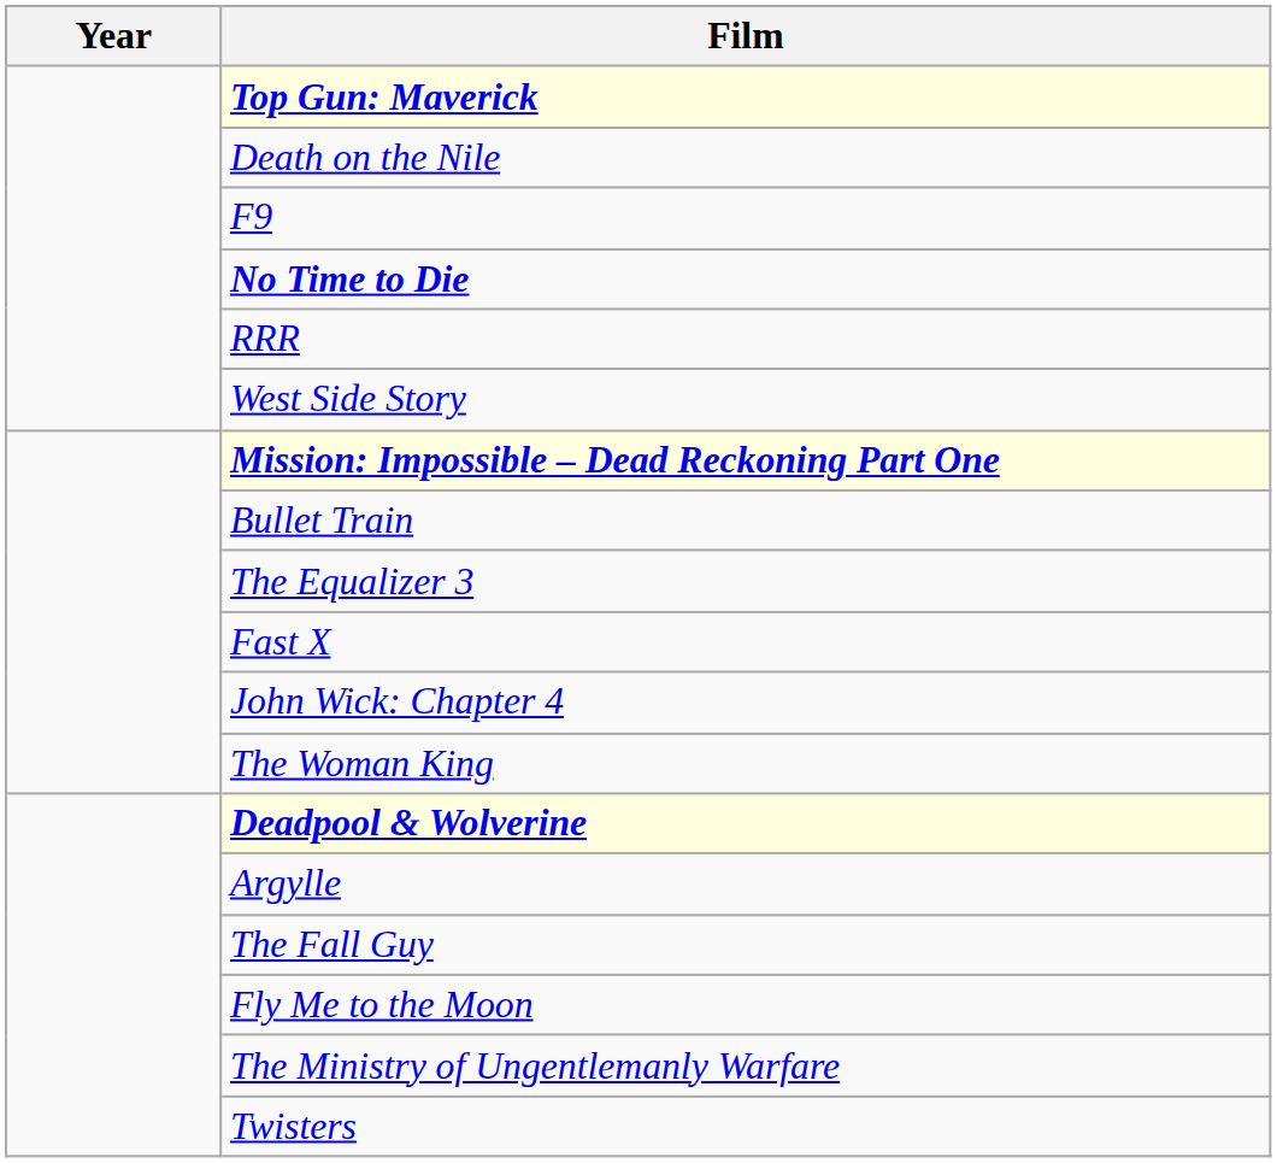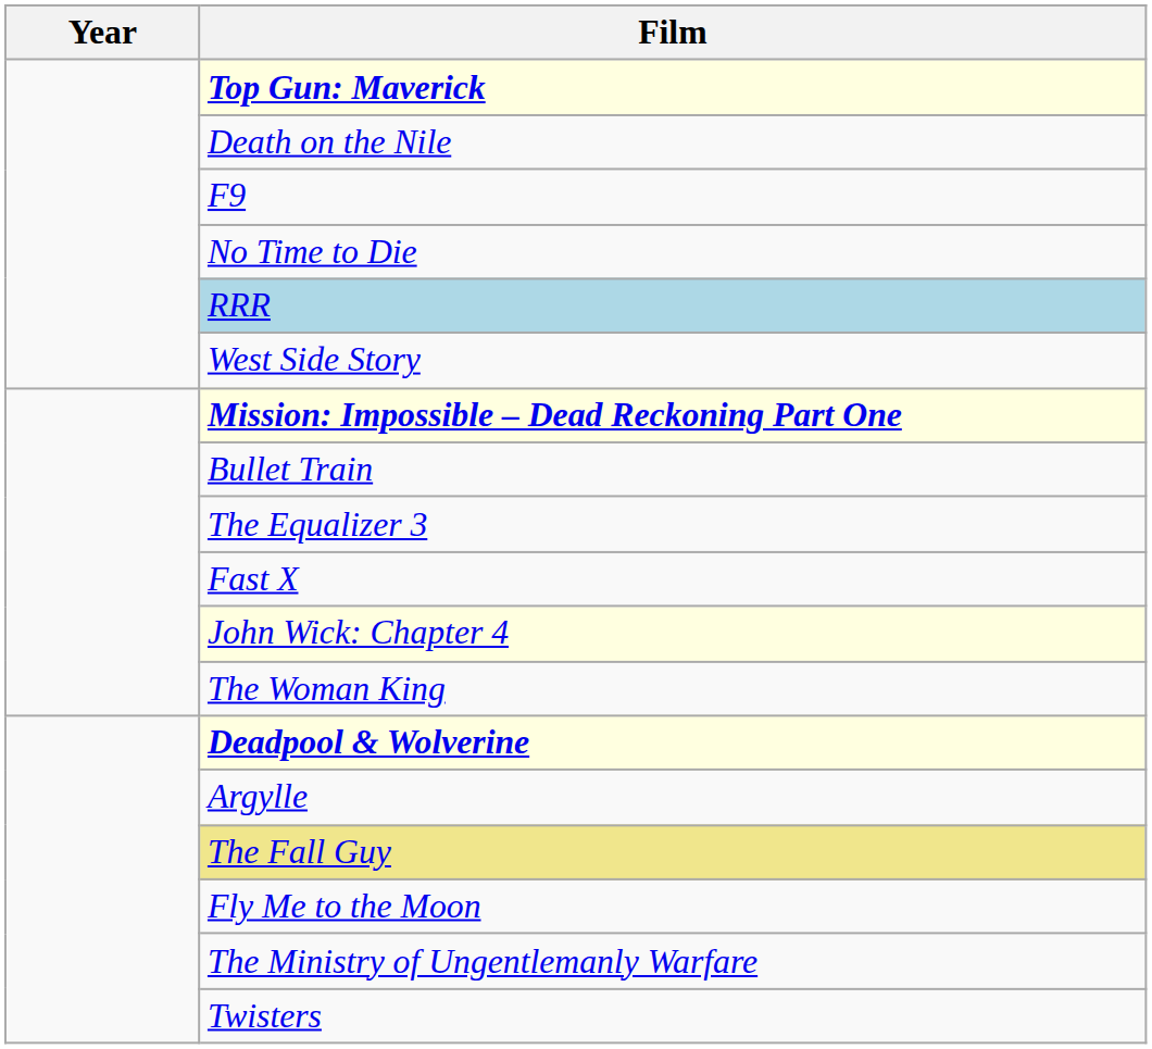 <table class="wikitable" border="1" width="42%">
 <tr>
 <th width="7%">Year</th>
 <th width="35%">Film</th>
 </tr>
 <tr>
 <td rowspan="6"></td>
 <td style="background:lightyellow"><strong><em><a href='#'>Top Gun: Maverick</a></em></strong></td>
 </tr>
 <tr>
 <td><em><a href='#'>Death on the Nile</a></em></td>
 </tr>
 <tr>
 <td><em><a href='#'>F9</a></em></td>
 </tr>
 <tr>
-<td><strong><em><a href='#'>No Time to Die</a></em></strong></td>
+<td><em><a href='#'>No Time to Die</a></em></td>
 </tr>
 <tr>
-<td><em><a href='#'>RRR</a></em></td>
+<td style="background: lightblue;"><em><a href='#'>RRR</a></em></td>
 </tr>
 <tr>
 <td><em><a href='#'>West Side Story</a></em></td>
 </tr>
 <tr>
 <td rowspan="6"></td>
 <td style="background:lightyellow"><strong><em><a href='#'>Mission: Impossible – Dead Reckoning Part One</a></em></strong></td>
 </tr>
 <tr>
 <td><em><a href='#'>Bullet Train</a></em></td>
 </tr>
 <tr>
 <td><em><a href='#'>The Equalizer 3</a></em></td>
 </tr>
 <tr>
 <td><em><a href='#'>Fast X</a></em></td>
 </tr>
 <tr>
-<td><em><a href='#'>John Wick: Chapter 4</a></em></td>
+<td style="background: lightyellow;"><em><a href='#'>John Wick: Chapter 4</a></em></td>
 </tr>
 <tr>
 <td><em><a href='#'>The Woman King</a></em></td>
 </tr>
 <tr>
 <td rowspan="6"></td>
 <td style="background:lightyellow"><strong><em><a href='#'>Deadpool & Wolverine</a></em></strong></td>
 </tr>
 <tr>
 <td><em><a href='#'>Argylle</a></em></td>
 </tr>
 <tr>
-<td><em><a href='#'>The Fall Guy</a></em></td>
+<td style="background: khaki;"><em><a href='#'>The Fall Guy</a></em></td>
 </tr>
 <tr>
 <td><em><a href='#'>Fly Me to the Moon</a></em></td>
 </tr>
 <tr>
 <td><em><a href='#'>The Ministry of Ungentlemanly Warfare</a></em></td>
 </tr>
 <tr>
 <td><em><a href='#'>Twisters</a></em></td>
 </tr>
 </table>
